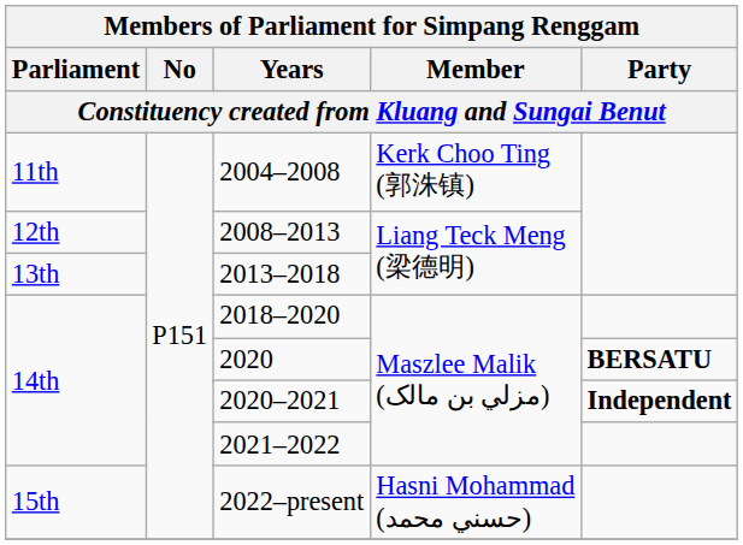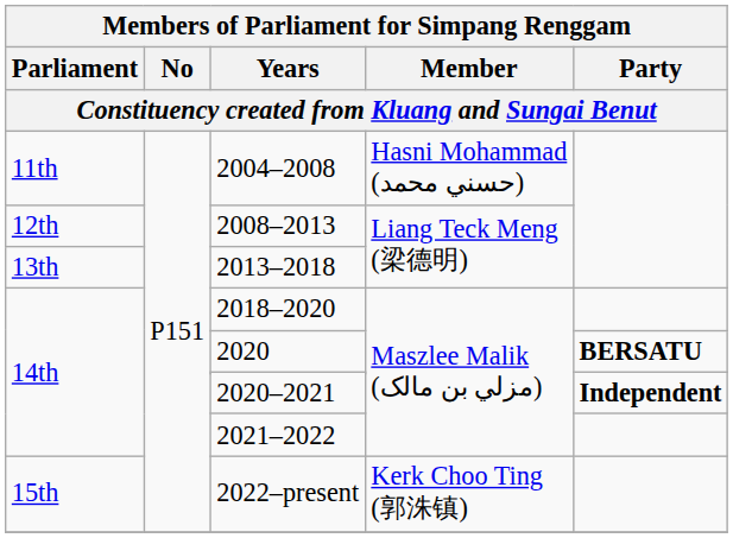 <table class=wikitable>
 <tr>
 <th colspan="5">Members of Parliament for Simpang Renggam</th>
 </tr>
 <tr>
 <th>Parliament</th>
 <th>No</th>
 <th>Years</th>
 <th>Member</th>
 <th>Party</th>
 </tr>
 <tr>
 <th colspan="5" align="center"><em>Constituency created from <a href='#'>Kluang</a> and <a href='#'>Sungai Benut</a></em></th>
 </tr>
 <tr>
 <td><a href='#'>11th</a></td>
 <td rowspan="9">P151</td>
 <td>2004–2008</td>
-<td><a href='#'>Kerk Choo Ting</a> <br> (郭洙镇)</td>
+<td><a href='#'>Hasni Mohammad</a> <br> (حسني محمد‎)</td>
 <td rowspan="3"></td>
 </tr>
 <tr>
 <td><a href='#'>12th</a></td>
 <td>2008–2013</td>
 <td rowspan=2><a href='#'>Liang Teck Meng</a> <br> (梁德明)</td>
 </tr>
 <tr>
 <td><a href='#'>13th</a></td>
 <td>2013–2018</td>
 </tr>
 <tr>
 <td rowspan="5"><a href='#'>14th</a></td>
 <td>2018–2020</td>
 <td rowspan="5"><a href='#'>Maszlee Malik</a> <br> (مزلي بن مالک)</td>
 <td></td>
 </tr>
 <tr>
 <td rowspan="2">2020</td>
 <td><strong>BERSATU</strong></td>
 </tr>
 <tr>
 <td rowspan="2"><strong>Independent</strong></td>
 </tr>
 <tr>
 <td>2020–2021</td>
 </tr>
 <tr>
 <td>2021–2022</td>
 <td></td>
 </tr>
 <tr>
 <td><a href='#'>15th</a></td>
 <td>2022–present</td>
-<td><a href='#'>Hasni Mohammad</a> <br> (حسني محمد‎)</td>
+<td><a href='#'>Kerk Choo Ting</a> <br> (郭洙镇)</td>
 <td></td>
 </tr>
 <tr>
 </tr>
 </table>
